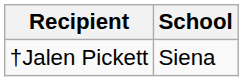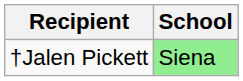 <table class="wikitable" border="1">
 <tr>
 <th>Recipient</th>
 <th>School</th>
 </tr>
 <tr>
 <td>†Jalen Pickett</td>
-<td>Siena</td>
+<td style="background: lightgreen;">Siena</td>
 </tr>
 </table>
